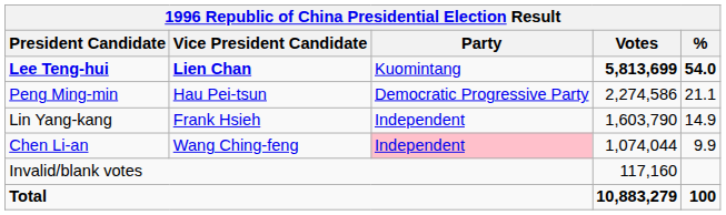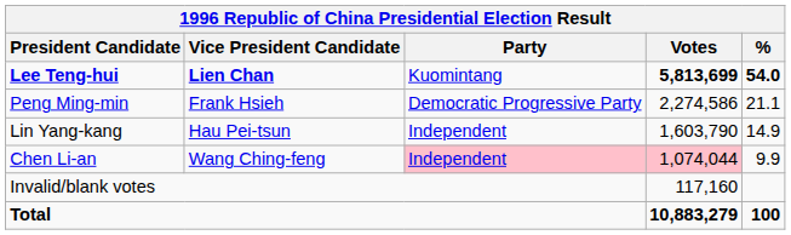 <table class=wikitable style="text-align:left; margin:1em auto;">
 <tr>
 <th colspan=5><a href='#'>1996 Republic of China Presidential Election</a> Result</th>
 </tr>
 <tr>
 <th>President Candidate</th>
 <th>Vice President Candidate</th>
 <th>Party</th>
 <th>Votes</th>
 <th>%</th>
 </tr>
 <tr>
 <td><strong><a href='#'>Lee Teng-hui</a></strong></td>
 <td><strong><a href='#'>Lien Chan</a></strong></td>
 <td> <a href='#'>Kuomintang</a></td>
 <td align=right><strong>5,813,699</strong></td>
 <td align=right><strong>54.0</strong></td>
 </tr>
 <tr>
 <td><a href='#'>Peng Ming-min</a></td>
-<td><a href='#'>Hau Pei-tsun</a></td>
+<td><a href='#'>Frank Hsieh</a></td>
 <td><a href='#'>Democratic Progressive Party</a></td>
 <td align=right>2,274,586</td>
 <td align=right>21.1</td>
 </tr>
 <tr>
 <td>Lin Yang-kang</td>
-<td><a href='#'>Frank Hsieh</a></td>
+<td><a href='#'>Hau Pei-tsun</a></td>
 <td><a href='#'>Independent</a></td>
 <td align=right>1,603,790</td>
 <td align=right>14.9</td>
 </tr>
 <tr>
 <td><a href='#'>Chen Li-an</a></td>
 <td><a href='#'>Wang Ching-feng</a></td>
 <td style="background: pink;"><a href='#'>Independent</a></td>
-<td align=right>1,074,044</td>
+<td align=right style="background: pink;">1,074,044</td>
 <td align=right>9.9</td>
 </tr>
 <tr>
 <td colspan=3>Invalid/blank votes</td>
 <td align=right>117,160</td>
 <td></td>
 </tr>
 <tr>
 <td colspan=3><strong>Total</strong></td>
 <td align=right><strong>10,883,279</strong></td>
 <td align=right><strong>100</strong></td>
 </tr>
 </table>
